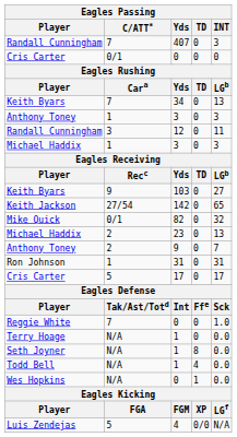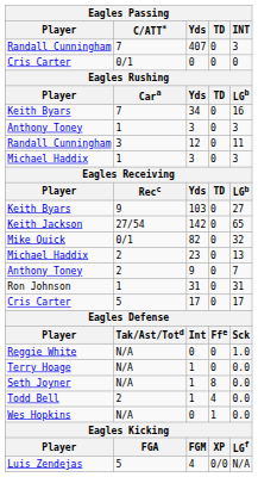 <table class="wikitable">
 <tr>
 <th colspan="5">Eagles Passing</th>
 </tr>
 <tr>
 <th>Player</th>
 <th>C/ATT<sup>*</sup></th>
 <th>Yds</th>
 <th>TD</th>
 <th>INT</th>
 </tr>
 <tr>
 <td><a href='#'>Randall Cunningham</a></td>
 <td>7</td>
 <td>407</td>
 <td>0</td>
 <td>3</td>
 </tr>
 <tr>
 <td><a href='#'>Cris Carter</a></td>
 <td>0/1</td>
 <td>0</td>
 <td>0</td>
 <td>0</td>
 </tr>
 <tr>
 <th colspan="5">Eagles Rushing</th>
 </tr>
 <tr>
 <th>Player</th>
 <th>Car<sup>a</sup></th>
 <th>Yds</th>
 <th>TD</th>
 <th>LG<sup>b</sup></th>
 </tr>
 <tr>
 <td><a href='#'>Keith Byars</a></td>
 <td>7</td>
 <td>34</td>
 <td>0</td>
-<td>13</td>
+<td>16</td>
 </tr>
 <tr>
 <td><a href='#'>Anthony Toney</a></td>
 <td>1</td>
 <td>3</td>
 <td>0</td>
 <td>3</td>
 </tr>
 <tr>
 <td><a href='#'>Randall Cunningham</a></td>
 <td>3</td>
 <td>12</td>
 <td>0</td>
 <td>11</td>
 </tr>
 <tr>
 <td><a href='#'>Michael Haddix</a></td>
 <td>1</td>
 <td>3</td>
 <td>0</td>
 <td>3</td>
 </tr>
 <tr>
 <th colspan="5">Eagles Receiving</th>
 </tr>
 <tr>
 <th>Player</th>
 <th>Rec<sup>c</sup></th>
 <th>Yds</th>
 <th>TD</th>
 <th>LG<sup>b</sup></th>
 </tr>
 <tr>
 <td><a href='#'>Keith Byars</a></td>
 <td>9</td>
 <td>103</td>
 <td>0</td>
 <td>27</td>
 </tr>
 <tr>
 <td><a href='#'>Keith Jackson</a></td>
 <td>27/54</td>
 <td>142</td>
 <td>0</td>
 <td>65</td>
 </tr>
 <tr>
 <td><a href='#'>Mike Quick</a></td>
 <td>0/1</td>
 <td>82</td>
 <td>0</td>
 <td>32</td>
 </tr>
 <tr>
 <td><a href='#'>Michael Haddix</a></td>
 <td>2</td>
 <td>23</td>
 <td>0</td>
 <td>13</td>
 </tr>
 <tr>
 <td><a href='#'>Anthony Toney</a></td>
 <td>2</td>
 <td>9</td>
 <td>0</td>
 <td>7</td>
 </tr>
 <tr>
 <td>Ron Johnson</td>
 <td>1</td>
 <td>31</td>
 <td>0</td>
 <td>31</td>
 </tr>
 <tr>
 <td><a href='#'>Cris Carter</a></td>
 <td>5</td>
 <td>17</td>
 <td>0</td>
 <td>17</td>
 </tr>
 <tr>
 <th colspan="5">Eagles Defense</th>
 </tr>
 <tr>
 <th>Player</th>
 <th>Tak/Ast/Tot<sup>d</sup></th>
 <th>Int</th>
 <th>Ff<sup>e</sup></th>
 <th>Sck</th>
 </tr>
 <tr>
 <td><a href='#'>Reggie White</a></td>
-<td>7</td>
+<td>N/A</td>
 <td>0</td>
 <td>0</td>
 <td>1.0</td>
 </tr>
 <tr>
 <td><a href='#'>Terry Hoage</a></td>
 <td>N/A</td>
 <td>1</td>
 <td>0</td>
 <td>0.0</td>
 </tr>
 <tr>
 <td><a href='#'>Seth Joyner</a></td>
 <td>N/A</td>
 <td>1</td>
 <td>8</td>
 <td>0.0</td>
 </tr>
 <tr>
 <td><a href='#'>Todd Bell</a></td>
-<td>N/A</td>
+<td>2</td>
 <td>1</td>
 <td>4</td>
 <td>0.0</td>
 </tr>
 <tr>
 <td><a href='#'>Wes Hopkins</a></td>
 <td>N/A</td>
 <td>0</td>
 <td>1</td>
 <td>0.0</td>
 </tr>
 <tr>
 <th colspan="5">Eagles Kicking</th>
 </tr>
 <tr>
 <th>Player</th>
 <th>FGA</th>
 <th>FGM</th>
 <th>XP</th>
 <th>LG<sup>f</sup></th>
 </tr>
 <tr>
 <td><a href='#'>Luis Zendejas</a></td>
 <td>5</td>
 <td>4</td>
 <td>0/0</td>
 <td>N/A</td>
 </tr>
 </table>
